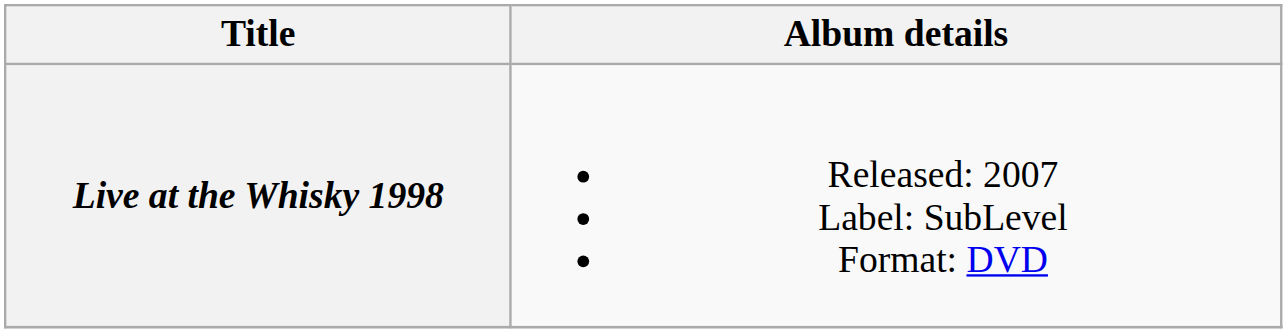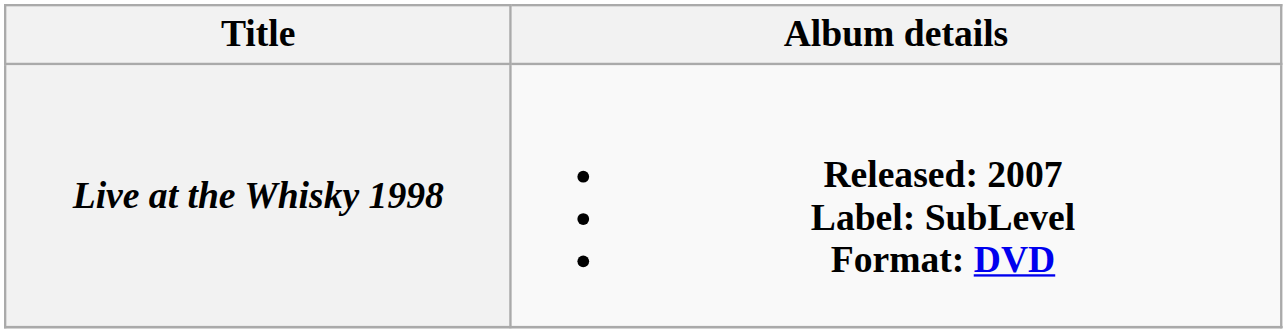 <table class="wikitable plainrowheaders" style="text-align:center;" border="1">
 <tr>
 <th scope="col" style="width:13em;">Title</th>
 <th scope="col" style="width:20em;">Album details</th>
 </tr>
 <tr>
 <th scope="row"><em>Live at the Whisky 1998</em></th>
-<td><br><ul><li>Released: 2007</li><li>Label: SubLevel</li><li>Format: <a href='#'>DVD</a></li></ul></td>
+<td><strong><br><ul><li>Released: 2007</li><li>Label: SubLevel</li><li>Format: <a href='#'>DVD</a></li></ul></strong></td>
 </tr>
 <tr>
 </tr>
 </table>
